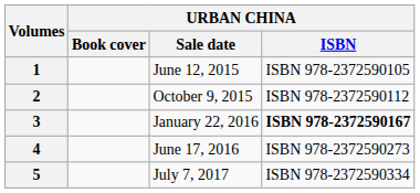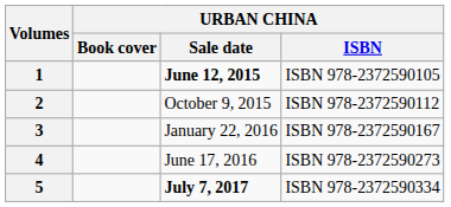 <table class=wikitable style="font-size:small;">
 <tr>
 <th rowspan="2">Volumes</th>
 <th colspan="3"> URBAN CHINA</th>
 </tr>
 <tr>
 <th>Book cover</th>
 <th>Sale date</th>
 <th><a href='#'>ISBN</a></th>
 </tr>
 <tr>
 <th>1</th>
 <td></td>
-<td>June 12, 2015</td>
+<td><strong>June 12, 2015</strong></td>
 <td>ISBN 978-2372590105</td>
 </tr>
 <tr>
 <th>2</th>
 <td></td>
 <td>October 9, 2015</td>
 <td>ISBN 978-2372590112</td>
 </tr>
 <tr>
 <th>3</th>
 <td></td>
 <td>January 22, 2016</td>
-<td><strong>ISBN 978-2372590167</strong></td>
+<td>ISBN 978-2372590167</td>
 </tr>
 <tr>
 <th>4</th>
 <td></td>
 <td>June 17, 2016</td>
 <td>ISBN 978-2372590273</td>
 </tr>
 <tr>
 <th>5</th>
 <td></td>
-<td>July 7, 2017</td>
+<td><strong>July 7, 2017</strong></td>
 <td>ISBN 978-2372590334</td>
 </tr>
 </table>
